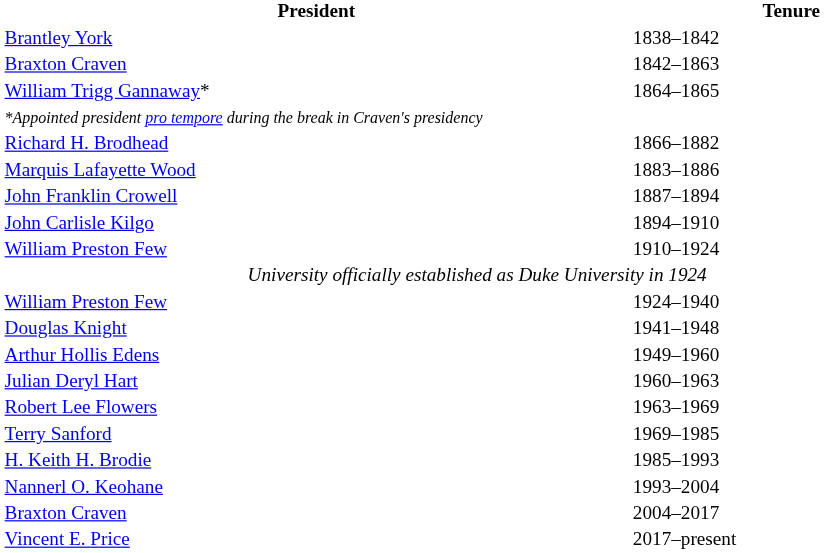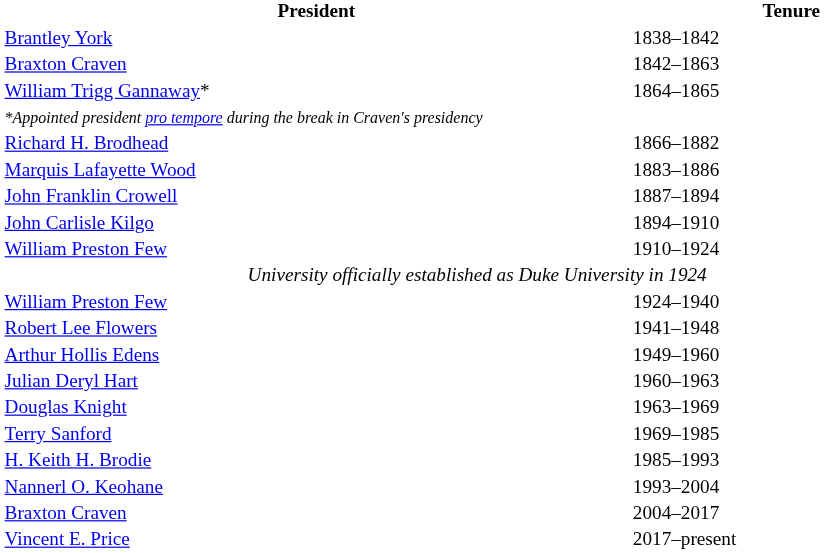 <table border="0" style="width:40%;">
 <tr>
 <th>President</th>
 <th>Tenure</th>
 </tr>
 <tr>
 <td><a href='#'>Brantley York</a></td>
 <td>1838–1842</td>
 </tr>
 <tr>
 <td><a href='#'>Braxton Craven</a></td>
 <td>1842–1863</td>
 </tr>
 <tr>
 <td><a href='#'>William Trigg Gannaway</a>*</td>
 <td>1864–1865</td>
 </tr>
 <tr>
 <td style="text-align:left;" colspan="2"><em><small>*Appointed president <a href='#'>pro tempore</a> during the break in Craven's presidency</small></em></td>
 </tr>
 <tr>
 <td><a href='#'>Richard H. Brodhead</a></td>
 <td>1866–1882</td>
 </tr>
 <tr>
 <td><a href='#'>Marquis Lafayette Wood</a></td>
 <td>1883–1886</td>
 </tr>
 <tr>
 <td><a href='#'>John Franklin Crowell</a></td>
 <td>1887–1894</td>
 </tr>
 <tr>
 <td><a href='#'>John Carlisle Kilgo</a></td>
 <td>1894–1910</td>
 </tr>
 <tr>
 <td><a href='#'>William Preston Few</a></td>
 <td>1910–1924</td>
 </tr>
 <tr>
 <td style="text-align:center;" colspan="2"><em>University officially established as Duke University in 1924</em></td>
 </tr>
 <tr>
 <td><a href='#'>William Preston Few</a></td>
 <td>1924–1940</td>
 </tr>
 <tr>
-<td><a href='#'>Douglas Knight</a></td>
+<td><a href='#'>Robert Lee Flowers</a></td>
 <td>1941–1948</td>
 </tr>
 <tr>
 <td><a href='#'>Arthur Hollis Edens</a></td>
 <td>1949–1960</td>
 </tr>
 <tr>
 <td><a href='#'>Julian Deryl Hart</a></td>
 <td>1960–1963</td>
 </tr>
 <tr>
-<td><a href='#'>Robert Lee Flowers</a></td>
+<td><a href='#'>Douglas Knight</a></td>
 <td>1963–1969</td>
 </tr>
 <tr>
 <td><a href='#'>Terry Sanford</a></td>
 <td>1969–1985</td>
 </tr>
 <tr>
 <td><a href='#'>H. Keith H. Brodie</a></td>
 <td>1985–1993</td>
 </tr>
 <tr>
 <td><a href='#'>Nannerl O. Keohane</a></td>
 <td>1993–2004</td>
 </tr>
 <tr>
 <td><a href='#'>Braxton Craven</a></td>
 <td>2004–2017</td>
 </tr>
 <tr>
 <td><a href='#'>Vincent E. Price</a></td>
 <td>2017–present</td>
 </tr>
 </table>
